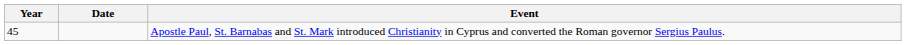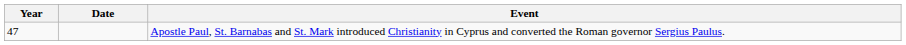 <table class="wikitable" width="100%">
 <tr>
 <th style="width:6%">Year</th>
 <th style="width:10%">Date</th>
 <th>Event</th>
 </tr>
 <tr>
-<td>45</td>
+<td>47</td>
 <td></td>
 <td><a href='#'>Apostle Paul</a>, <a href='#'>St. Barnabas</a> and <a href='#'>St. Mark</a> introduced <a href='#'>Christianity</a> in Cyprus and converted the Roman governor <a href='#'>Sergius Paulus</a>.</td>
 </tr>
 </table>
